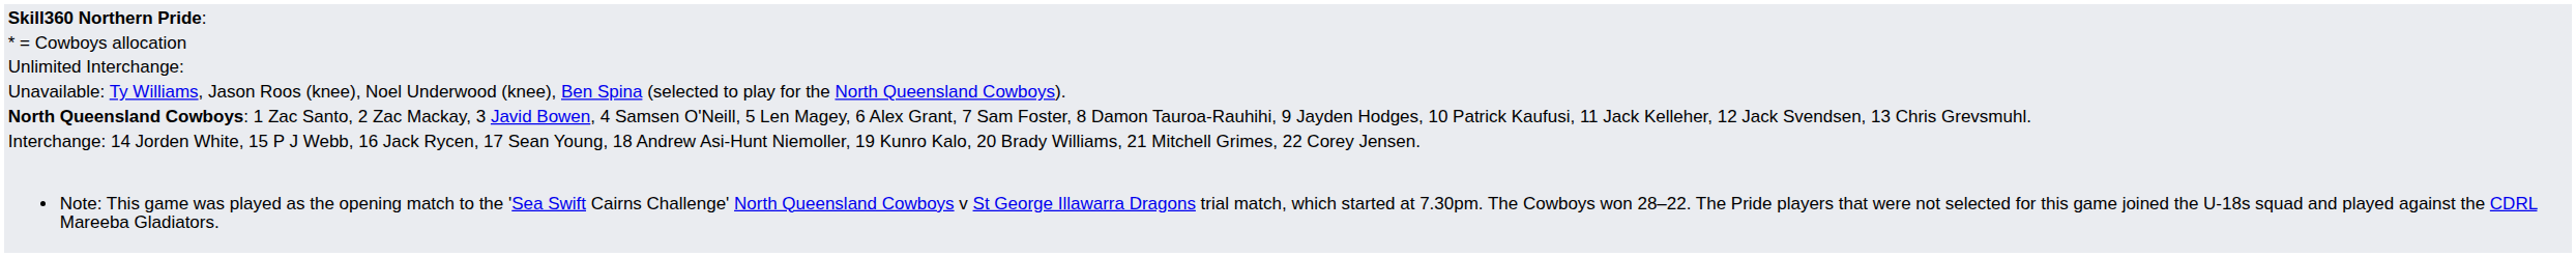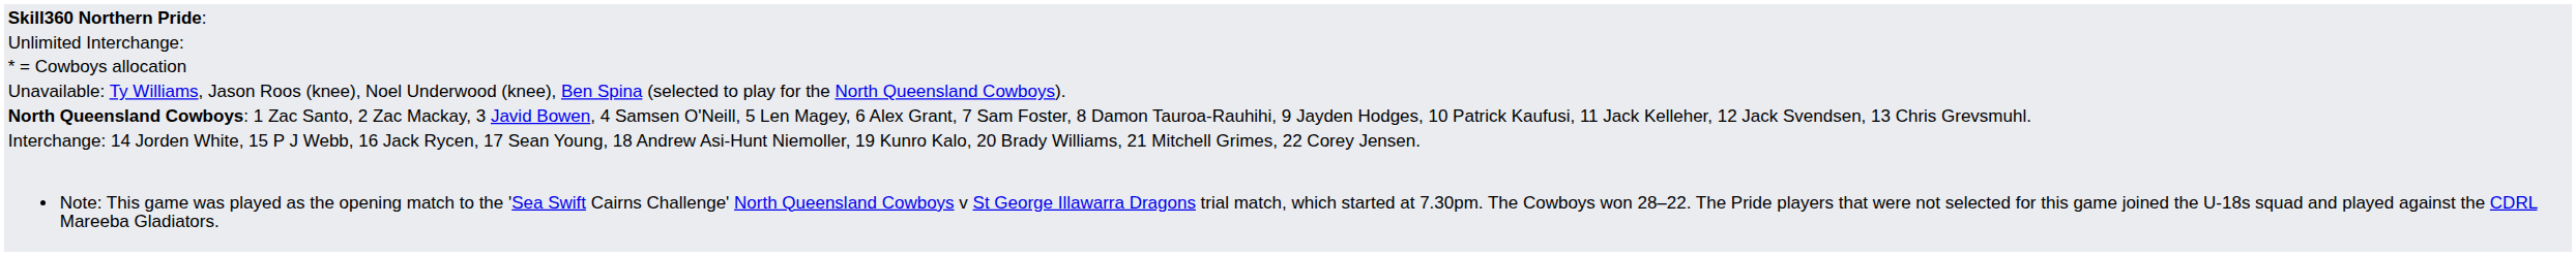 <table style="background:#eaecf0; font-size:85%; width:100%;">
 <tr>
 <td><strong>Skill360 Northern Pride</strong>:             </td>
 </tr>
 <tr>
-<td>* = Cowboys allocation</td>
+<td>Unlimited Interchange:       </td>
 </tr>
 <tr>
-<td>Unlimited Interchange:       </td>
+<td>* = Cowboys allocation</td>
 </tr>
 <tr>
 <td>Unavailable: <a href='#'>Ty Williams</a>, Jason Roos (knee), Noel Underwood (knee), <a href='#'>Ben Spina</a> (selected to play for the <a href='#'>North Queensland Cowboys</a>).</td>
 </tr>
 <tr>
 <td><strong>North Queensland Cowboys</strong>: 1 Zac Santo, 2 Zac Mackay, 3 <a href='#'>Javid Bowen</a>, 4 Samsen O'Neill, 5 Len Magey, 6 Alex Grant, 7 Sam Foster, 8 Damon Tauroa-Rauhihi, 9 Jayden Hodges, 10 Patrick Kaufusi, 11 Jack Kelleher, 12 Jack Svendsen, 13 Chris Grevsmuhl.</td>
 </tr>
 <tr>
 <td>Interchange: 14 Jorden White, 15 P J Webb, 16 Jack Rycen, 17 Sean Young, 18 Andrew Asi-Hunt Niemoller, 19 Kunro Kalo, 20 Brady Williams, 21 Mitchell Grimes, 22 Corey Jensen.</td>
 </tr>
 <tr>
 <td><br><ul><li>Note: This game was played as the opening match to the '<a href='#'>Sea Swift</a> Cairns Challenge' <a href='#'>North Queensland Cowboys</a> v <a href='#'>St George Illawarra Dragons</a> trial match, which started at 7.30pm. The Cowboys won 28–22. The Pride players that were not selected for this game joined the U-18s squad and played against the <a href='#'>CDRL</a> Mareeba Gladiators.</li></ul></td>
 </tr>
 </table>
